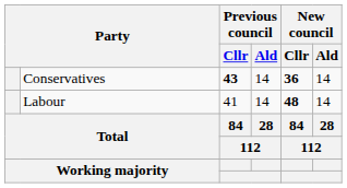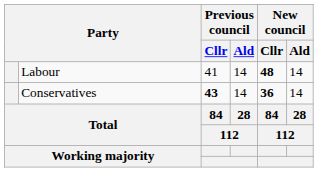 <table class="wikitable">
 <tr>
 <th colspan="2" rowspan="2" style="width: 230px">Party</th>
 <th valign=top colspan="2" style="width: 30px">Previous council</th>
 <th valign=top colspan="2" style="width: 30px">New council</th>
 </tr>
 <tr>
 <th><a href='#'>Cllr</a></th>
 <th><a href='#'>Ald</a></th>
 <th>Cllr</th>
 <th>Ald</th>
 </tr>
 <tr>
 <th style="background-color: "></th>
+<td>Labour</td>
+<td>41</td>
+<td>14</td>
+<td><strong>48</strong></td>
+<td>14</td>
+</tr>
+<tr>
+<th style="background-color: "></th>
 <td>Conservatives</td>
 <td><strong>43</strong></td>
 <td>14</td>
 <td><strong>36</strong></td>
-<td>14</td>
-</tr>
-<tr>
-<th style="background-color: "></th>
-<td>Labour</td>
-<td>41</td>
-<td>14</td>
-<td><strong>48</strong></td>
 <td>14</td>
 </tr>
 <tr>
 <th colspan="2" rowspan="2">Total</th>
 <th style="text-align: center">84</th>
 <th style="text-align: center">28</th>
 <th style="text-align: center">84</th>
 <th style="text-align: center">28</th>
 </tr>
 <tr>
 <th colspan="2" style="text-align: center">112</th>
 <th colspan="2" style="text-align: center">112</th>
 </tr>
 <tr>
 <th colspan="2" rowspan="2">Working majority</th>
 <th></th>
 <th></th>
 <th></th>
 <th></th>
 </tr>
 <tr>
 <th colspan="2"></th>
 <th colspan="2"></th>
 </tr>
 </table>
